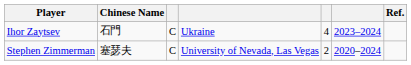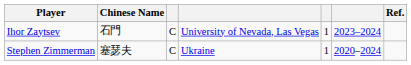 <table class="wikitable sortable" style="font-size:95%; text-align:left;">
 <tr>
 <th>Player</th>
 <th>Chinese Name</th>
 <th></th>
 <th></th>
 <th></th>
 <th></th>
 <th>Ref.</th>
 </tr>
 <tr>
 <td><a href='#'>Ihor Zaytsev</a></td>
 <td>石門</td>
 <td align="center">C</td>
-<td><a href='#'>Ukraine</a></td>
-<td align="center">4</td>
+<td><a href='#'>University of Nevada, Las Vegas</a></td>
+<td align="center">1</td>
 <td align="center"><a href='#'>2023–2024</a></td>
 <td></td>
 </tr>
 <tr>
 <td><a href='#'>Stephen Zimmerman</a></td>
 <td>塞瑟夫</td>
 <td align="center">C</td>
-<td><a href='#'>University of Nevada, Las Vegas</a></td>
-<td align="center">2</td>
+<td><a href='#'>Ukraine</a></td>
+<td align="center">1</td>
 <td align="center"><a href='#'>2020</a>–<a href='#'>2024</a></td>
 <td></td>
 </tr>
 </table>
